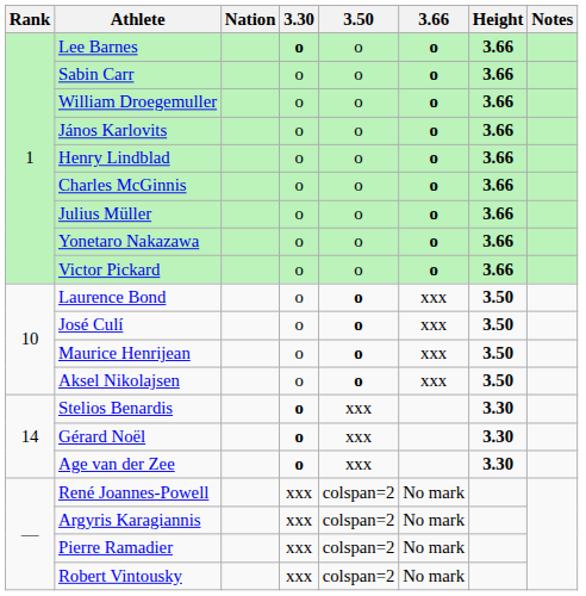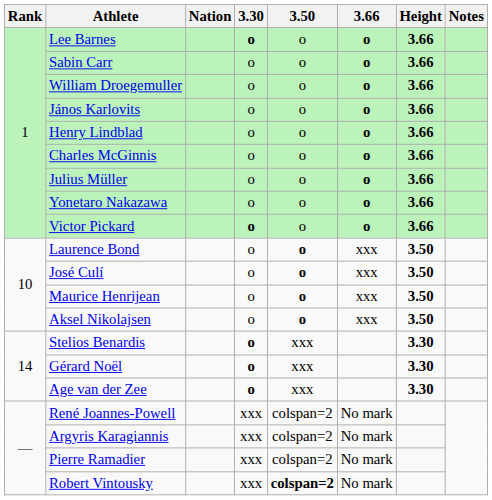 <table class="wikitable sortable" style=text-align:center>
 <tr>
 <th>Rank</th>
 <th>Athlete</th>
 <th>Nation</th>
 <th>3.30</th>
 <th>3.50</th>
 <th>3.66</th>
 <th>Height</th>
 <th>Notes</th>
 </tr>
 <tr bgcolor=bbf3bb>
 <td rowspan=9>1</td>
 <td align=left><a href='#'>Lee Barnes</a></td>
 <td align=left></td>
 <td><strong>o</strong></td>
 <td>o</td>
 <td><strong>o</strong></td>
 <td><strong>3.66</strong></td>
 <td></td>
 </tr>
 <tr bgcolor=bbf3bb>
 <td align=left><a href='#'>Sabin Carr</a></td>
 <td align=left></td>
 <td>o</td>
 <td>o</td>
 <td><strong>o</strong></td>
 <td><strong>3.66</strong></td>
 <td></td>
 </tr>
 <tr bgcolor=bbf3bb>
 <td align=left><a href='#'>William Droegemuller</a></td>
 <td align=left></td>
 <td>o</td>
 <td>o</td>
 <td><strong>o</strong></td>
 <td><strong>3.66</strong></td>
 <td></td>
 </tr>
 <tr bgcolor=bbf3bb>
 <td align=left><a href='#'>János Karlovits</a></td>
 <td align=left></td>
 <td>o</td>
 <td>o</td>
 <td><strong>o</strong></td>
 <td><strong>3.66</strong></td>
 <td></td>
 </tr>
 <tr bgcolor=bbf3bb>
 <td align=left><a href='#'>Henry Lindblad</a></td>
 <td align=left></td>
 <td>o</td>
 <td>o</td>
 <td><strong>o</strong></td>
 <td><strong>3.66</strong></td>
 <td></td>
 </tr>
 <tr bgcolor=bbf3bb>
 <td align=left><a href='#'>Charles McGinnis</a></td>
 <td align=left></td>
 <td>o</td>
 <td>o</td>
 <td><strong>o</strong></td>
 <td><strong>3.66</strong></td>
 <td></td>
 </tr>
 <tr bgcolor=bbf3bb>
 <td align=left><a href='#'>Julius Müller</a></td>
 <td align=left></td>
 <td>o</td>
 <td>o</td>
 <td><strong>o</strong></td>
 <td><strong>3.66</strong></td>
 <td></td>
 </tr>
 <tr bgcolor=bbf3bb>
 <td align=left><a href='#'>Yonetaro Nakazawa</a></td>
 <td align=left></td>
 <td>o</td>
 <td>o</td>
 <td><strong>o</strong></td>
 <td><strong>3.66</strong></td>
 <td></td>
 </tr>
 <tr bgcolor=bbf3bb>
 <td align=left><a href='#'>Victor Pickard</a></td>
 <td align=left></td>
-<td>o</td>
+<td><strong>o</strong></td>
 <td>o</td>
 <td><strong>o</strong></td>
 <td><strong>3.66</strong></td>
 <td></td>
 </tr>
 <tr>
 <td rowspan=4>10</td>
 <td align=left><a href='#'>Laurence Bond</a></td>
 <td align=left></td>
 <td>o</td>
 <td><strong>o</strong></td>
 <td>xxx</td>
 <td><strong>3.50</strong></td>
 <td></td>
 </tr>
 <tr>
 <td align=left><a href='#'>José Culí</a></td>
 <td align=left></td>
 <td>o</td>
 <td><strong>o</strong></td>
 <td>xxx</td>
 <td><strong>3.50</strong></td>
 <td></td>
 </tr>
 <tr>
 <td align=left><a href='#'>Maurice Henrijean</a></td>
 <td align=left></td>
 <td>o</td>
 <td><strong>o</strong></td>
 <td>xxx</td>
 <td><strong>3.50</strong></td>
 <td></td>
 </tr>
 <tr>
 <td align=left><a href='#'>Aksel Nikolajsen</a></td>
 <td align=left></td>
 <td>o</td>
 <td><strong>o</strong></td>
 <td>xxx</td>
 <td><strong>3.50</strong></td>
 <td></td>
 </tr>
 <tr>
 <td rowspan=3>14</td>
 <td align=left><a href='#'>Stelios Benardis</a></td>
 <td align=left></td>
 <td><strong>o</strong></td>
 <td>xxx</td>
 <td></td>
 <td><strong>3.30</strong></td>
 <td></td>
 </tr>
 <tr>
 <td align=left><a href='#'>Gérard Noël</a></td>
 <td align=left></td>
 <td><strong>o</strong></td>
 <td>xxx</td>
 <td></td>
 <td><strong>3.30</strong></td>
 <td></td>
 </tr>
 <tr>
 <td align=left><a href='#'>Age van der Zee</a></td>
 <td align=left></td>
 <td><strong>o</strong></td>
 <td>xxx</td>
 <td></td>
 <td><strong>3.30</strong></td>
 <td></td>
 </tr>
 <tr>
 <td rowspan=4 data-sort-value=17>—</td>
 <td align=left><a href='#'>René Joannes-Powell</a></td>
 <td align=left></td>
 <td>xxx</td>
 <td>colspan=2 </td>
 <td data-sort-value=1.00>No mark</td>
 <td></td>
 </tr>
 <tr>
 <td align=left><a href='#'>Argyris Karagiannis</a></td>
 <td align=left></td>
 <td>xxx</td>
 <td>colspan=2 </td>
 <td data-sort-value=1.00>No mark</td>
 <td></td>
 </tr>
 <tr>
 <td align=left><a href='#'>Pierre Ramadier</a></td>
 <td align=left></td>
 <td>xxx</td>
 <td>colspan=2 </td>
 <td data-sort-value=1.00>No mark</td>
 <td></td>
 </tr>
 <tr>
 <td align=left><a href='#'>Robert Vintousky</a></td>
 <td align=left></td>
 <td>xxx</td>
-<td>colspan=2 </td>
+<td><strong>colspan=2 </strong></td>
 <td data-sort-value=1.00>No mark</td>
 <td></td>
 </tr>
 </table>
